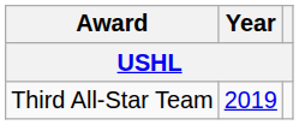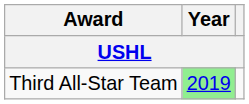 <table class="wikitable">
 <tr>
 <th>Award</th>
 <th>Year</th>
 <th></th>
 </tr>
 <tr ALIGN="center" bgcolor="#e0e0e0">
 <th colspan="3"><a href='#'>USHL</a></th>
 </tr>
 <tr>
 <td>Third All-Star Team</td>
-<td><a href='#'>2019</a></td>
+<td style="background: lightgreen;"><a href='#'>2019</a></td>
 <td></td>
 </tr>
 </table>
